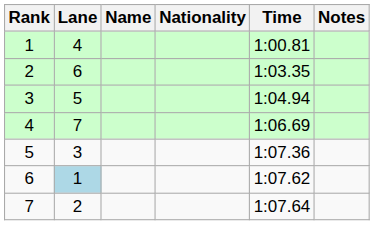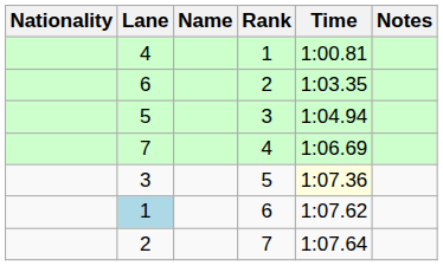 <table class="wikitable sortable" style="text-align:center">
 <tr>
-<th>Rank</th>
+<th>Nationality</th>
 <th>Lane</th>
 <th>Name</th>
-<th>Nationality</th>
+<th>Rank</th>
 <th>Time</th>
 <th>Notes</th>
 </tr>
 <tr bgcolor=ccffcc>
-<td>1</td>
+<td align=left></td>
 <td>4</td>
 <td align=left></td>
-<td align=left></td>
+<td>1</td>
 <td>1:00.81</td>
 <td><strong></strong> <strong></strong></td>
 </tr>
 <tr bgcolor=ccffcc>
-<td>2</td>
+<td align=left></td>
 <td>6</td>
 <td align=left></td>
-<td align=left></td>
+<td>2</td>
 <td>1:03.35</td>
 <td><strong></strong></td>
 </tr>
 <tr bgcolor=ccffcc>
-<td>3</td>
+<td align=left></td>
 <td>5</td>
 <td align=left></td>
-<td align=left></td>
+<td>3</td>
 <td>1:04.94</td>
 <td><strong></strong></td>
 </tr>
 <tr bgcolor=ccffcc>
-<td>4</td>
+<td align=left></td>
 <td>7</td>
 <td align=left></td>
-<td align=left></td>
+<td>4</td>
 <td>1:06.69</td>
 <td><strong></strong></td>
 </tr>
 <tr>
-<td>5</td>
+<td align=left></td>
 <td>3</td>
 <td align=left></td>
-<td align=left></td>
-<td>1:07.36</td>
+<td>5</td>
+<td style="background: lightyellow;">1:07.36</td>
 <td></td>
 </tr>
 <tr>
-<td>6</td>
+<td align=left></td>
 <td style="background: lightblue;">1</td>
 <td align=left></td>
-<td align=left></td>
+<td>6</td>
 <td>1:07.62</td>
 <td></td>
 </tr>
 <tr>
-<td>7</td>
+<td align=left></td>
 <td>2</td>
 <td align=left></td>
-<td align=left></td>
+<td>7</td>
 <td>1:07.64</td>
 <td></td>
 </tr>
 </table>
